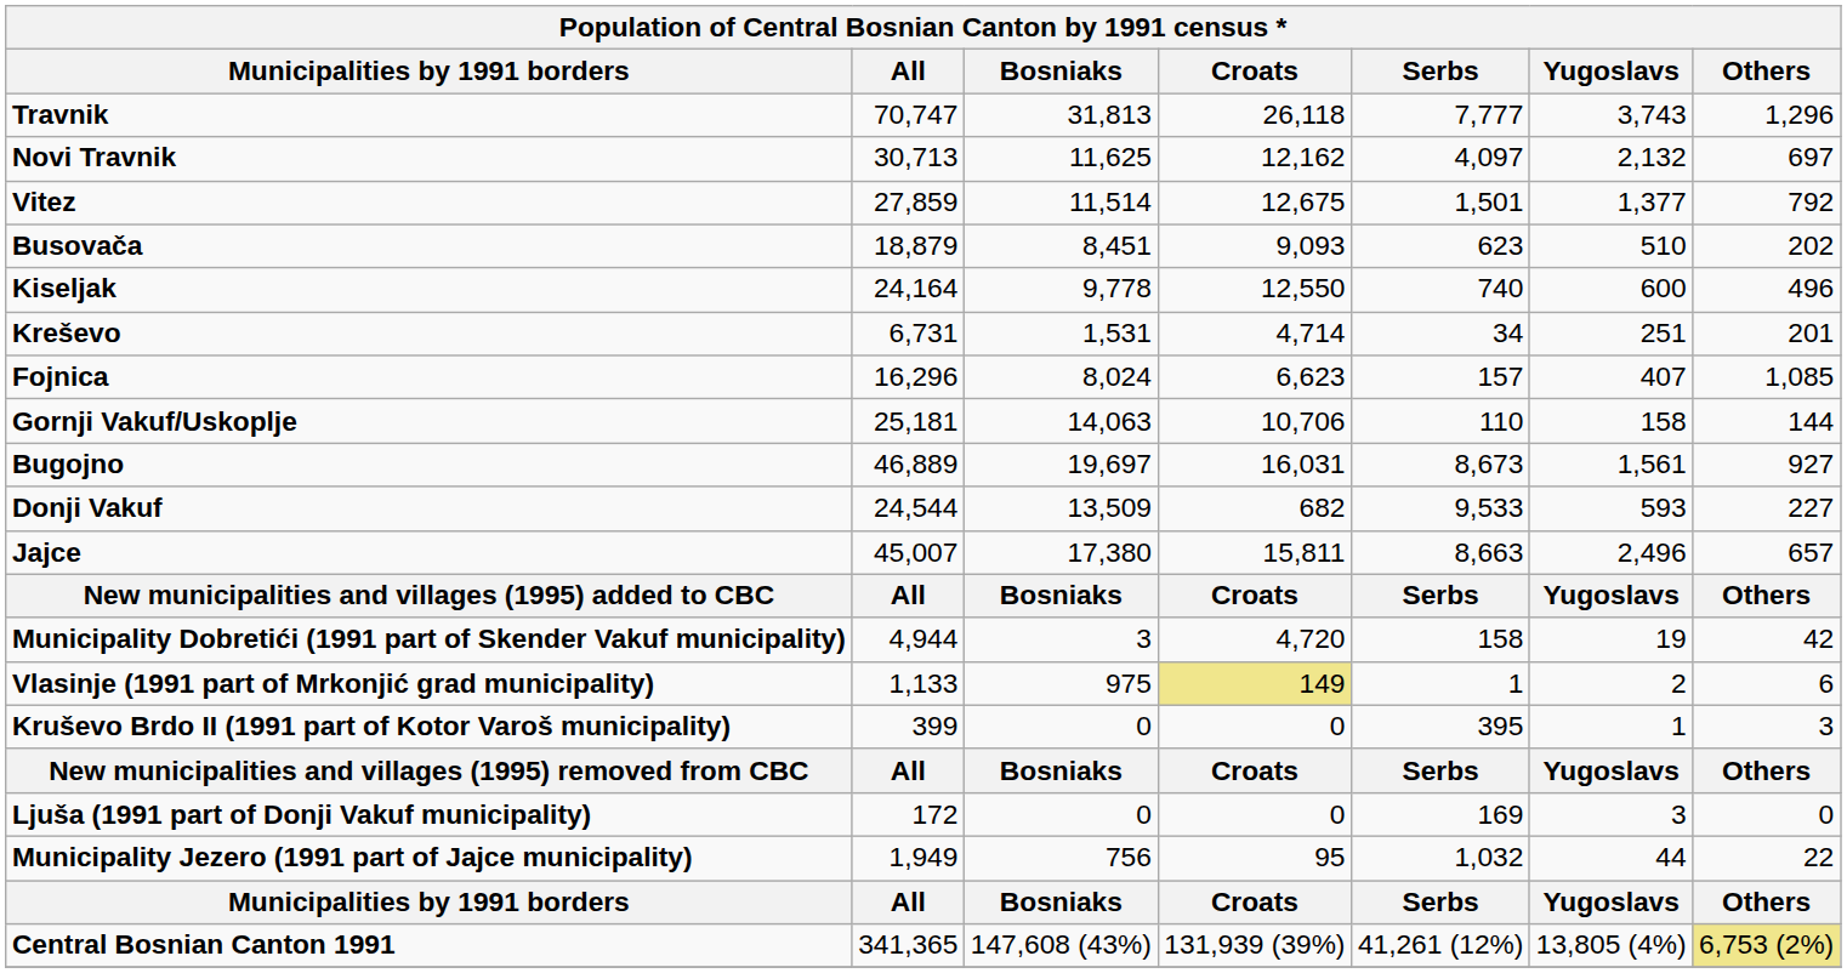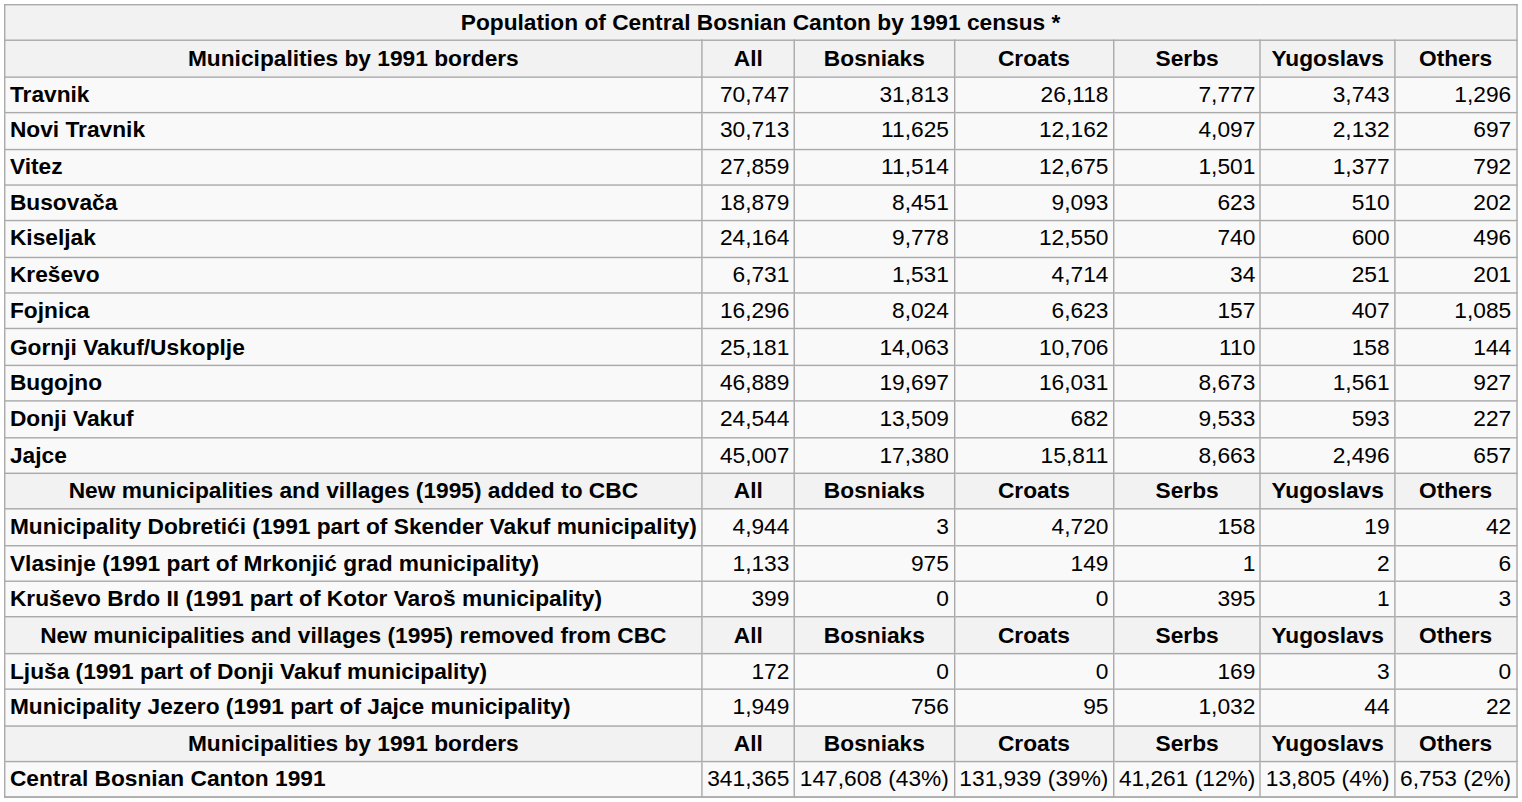 <table class="wikitable" style="text-align:right;" style="font-size:85%; text-align:right;">
 <tr>
 <th colspan="7">Population of Central Bosnian Canton by 1991 census *</th>
 </tr>
 <tr>
 <th>Municipalities by 1991 borders</th>
 <th>All</th>
 <th>Bosniaks</th>
 <th>Croats</th>
 <th>Serbs</th>
 <th>Yugoslavs</th>
 <th>Others</th>
 </tr>
 <tr>
 <td style="text-align:left;"><strong>Travnik</strong></td>
 <td>70,747</td>
 <td>31,813</td>
 <td>26,118</td>
 <td>7,777</td>
 <td>3,743</td>
 <td>1,296</td>
 </tr>
 <tr>
 <td style="text-align:left;"><strong>Novi Travnik</strong></td>
 <td>30,713</td>
 <td>11,625</td>
 <td>12,162</td>
 <td>4,097</td>
 <td>2,132</td>
 <td>697</td>
 </tr>
 <tr>
 <td style="text-align:left;"><strong>Vitez</strong></td>
 <td>27,859</td>
 <td>11,514</td>
 <td>12,675</td>
 <td>1,501</td>
 <td>1,377</td>
 <td>792</td>
 </tr>
 <tr>
 <td style="text-align:left;"><strong>Busovača</strong></td>
 <td>18,879</td>
 <td>8,451</td>
 <td>9,093</td>
 <td>623</td>
 <td>510</td>
 <td>202</td>
 </tr>
 <tr>
 <td style="text-align:left;"><strong>Kiseljak</strong></td>
 <td>24,164</td>
 <td>9,778</td>
 <td>12,550</td>
 <td>740</td>
 <td>600</td>
 <td>496</td>
 </tr>
 <tr>
 <td style="text-align:left;"><strong>Kreševo</strong></td>
 <td>6,731</td>
 <td>1,531</td>
 <td>4,714</td>
 <td>34</td>
 <td>251</td>
 <td>201</td>
 </tr>
 <tr>
 <td style="text-align:left;"><strong>Fojnica</strong></td>
 <td>16,296</td>
 <td>8,024</td>
 <td>6,623</td>
 <td>157</td>
 <td>407</td>
 <td>1,085</td>
 </tr>
 <tr>
 <td style="text-align:left;"><strong>Gornji Vakuf/Uskoplje</strong></td>
 <td>25,181</td>
 <td>14,063</td>
 <td>10,706</td>
 <td>110</td>
 <td>158</td>
 <td>144</td>
 </tr>
 <tr>
 <td style="text-align:left;"><strong>Bugojno</strong></td>
 <td>46,889</td>
 <td>19,697</td>
 <td>16,031</td>
 <td>8,673</td>
 <td>1,561</td>
 <td>927</td>
 </tr>
 <tr>
 <td style="text-align:left;"><strong>Donji Vakuf</strong></td>
 <td>24,544</td>
 <td>13,509</td>
 <td>682</td>
 <td>9,533</td>
 <td>593</td>
 <td>227</td>
 </tr>
 <tr>
 <td style="text-align:left;"><strong>Jajce</strong></td>
 <td>45,007</td>
 <td>17,380</td>
 <td>15,811</td>
 <td>8,663</td>
 <td>2,496</td>
 <td>657</td>
 </tr>
 <tr>
 <th>New municipalities and villages (1995) added to CBC</th>
 <th>All</th>
 <th>Bosniaks</th>
 <th>Croats</th>
 <th>Serbs</th>
 <th>Yugoslavs</th>
 <th>Others</th>
 </tr>
 <tr>
 <td style="text-align:left;"><strong>Municipality Dobretići (1991 part of Skender Vakuf municipality)</strong></td>
 <td>4,944</td>
 <td>3</td>
 <td>4,720</td>
 <td>158</td>
 <td>19</td>
 <td>42</td>
 </tr>
 <tr>
 <td style="text-align:left;"><strong>Vlasinje (1991 part of Mrkonjić grad municipality)</strong></td>
 <td>1,133</td>
 <td>975</td>
-<td style="background: khaki;">149</td>
+<td>149</td>
 <td>1</td>
 <td>2</td>
 <td>6</td>
 </tr>
 <tr>
 <td style="text-align:left;"><strong>Kruševo Brdo II (1991 part of Kotor Varoš municipality)</strong></td>
 <td>399</td>
 <td>0</td>
 <td>0</td>
 <td>395</td>
 <td>1</td>
 <td>3</td>
 </tr>
 <tr>
 <th>New municipalities and villages (1995) removed from CBC</th>
 <th>All</th>
 <th>Bosniaks</th>
 <th>Croats</th>
 <th>Serbs</th>
 <th>Yugoslavs</th>
 <th>Others</th>
 </tr>
 <tr>
 <td style="text-align:left;"><strong>Ljuša (1991 part of Donji Vakuf municipality)</strong></td>
 <td>172</td>
 <td>0</td>
 <td>0</td>
 <td>169</td>
 <td>3</td>
 <td>0</td>
 </tr>
 <tr>
 <td style="text-align:left;"><strong>Municipality Jezero (1991 part of Jajce municipality)</strong></td>
 <td>1,949</td>
 <td>756</td>
 <td>95</td>
 <td>1,032</td>
 <td>44</td>
 <td>22</td>
 </tr>
 <tr>
 <th>Municipalities by 1991 borders</th>
 <th>All</th>
 <th>Bosniaks</th>
 <th>Croats</th>
 <th>Serbs</th>
 <th>Yugoslavs</th>
 <th>Others</th>
 </tr>
 <tr>
 <td style="text-align:left;"><strong>Central Bosnian Canton 1991</strong></td>
 <td>341,365</td>
 <td>147,608 (43%)</td>
 <td>131,939 (39%)</td>
 <td>41,261  (12%)</td>
 <td>13,805  (4%)</td>
-<td style="background: khaki;">6,753   (2%)</td>
+<td>6,753   (2%)</td>
 </tr>
 <tr>
 </tr>
 </table>
